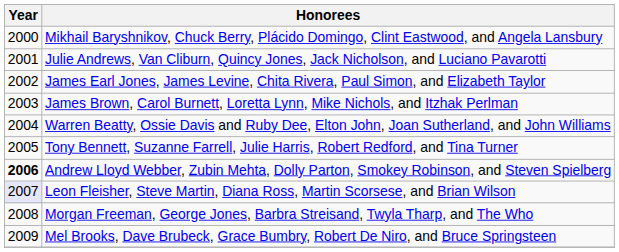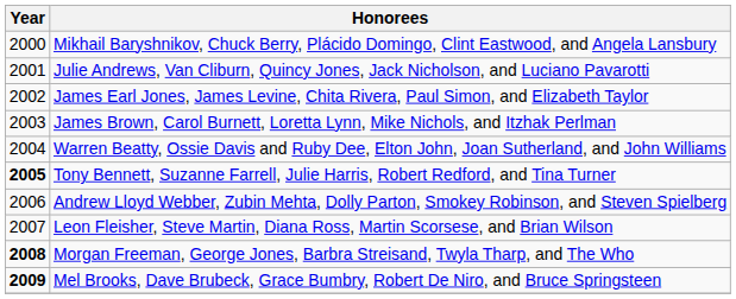 <table class="wikitable">
 <tr>
 <th>Year</th>
 <th>Honorees</th>
 </tr>
 <tr>
 <td>2000</td>
 <td><a href='#'>Mikhail Baryshnikov</a>, <a href='#'>Chuck Berry</a>, <a href='#'>Plácido Domingo</a>, <a href='#'>Clint Eastwood</a>, and <a href='#'>Angela Lansbury</a></td>
 </tr>
 <tr>
 <td>2001</td>
 <td><a href='#'>Julie Andrews</a>, <a href='#'>Van Cliburn</a>, <a href='#'>Quincy Jones</a>, <a href='#'>Jack Nicholson</a>, and <a href='#'>Luciano Pavarotti</a></td>
 </tr>
 <tr>
 <td>2002</td>
 <td><a href='#'>James Earl Jones</a>, <a href='#'>James Levine</a>, <a href='#'>Chita Rivera</a>, <a href='#'>Paul Simon</a>, and <a href='#'>Elizabeth Taylor</a></td>
 </tr>
 <tr>
 <td>2003</td>
 <td><a href='#'>James Brown</a>, <a href='#'>Carol Burnett</a>, <a href='#'>Loretta Lynn</a>, <a href='#'>Mike Nichols</a>, and <a href='#'>Itzhak Perlman</a></td>
 </tr>
 <tr>
 <td>2004</td>
 <td><a href='#'>Warren Beatty</a>, <a href='#'>Ossie Davis</a> and <a href='#'>Ruby Dee</a>, <a href='#'>Elton John</a>, <a href='#'>Joan Sutherland</a>, and <a href='#'>John Williams</a></td>
 </tr>
 <tr>
-<td>2005</td>
+<td><strong>2005</strong></td>
 <td><a href='#'>Tony Bennett</a>, <a href='#'>Suzanne Farrell</a>, <a href='#'>Julie Harris</a>, <a href='#'>Robert Redford</a>, and <a href='#'>Tina Turner</a></td>
 </tr>
 <tr>
-<td><strong>2006</strong></td>
+<td>2006</td>
 <td><a href='#'>Andrew Lloyd Webber</a>, <a href='#'>Zubin Mehta</a>, <a href='#'>Dolly Parton</a>, <a href='#'>Smokey Robinson</a>, and <a href='#'>Steven Spielberg</a></td>
 </tr>
 <tr>
-<td style="background: lavender;">2007</td>
+<td>2007</td>
 <td><a href='#'>Leon Fleisher</a>, <a href='#'>Steve Martin</a>, <a href='#'>Diana Ross</a>, <a href='#'>Martin Scorsese</a>, and <a href='#'>Brian Wilson</a></td>
 </tr>
 <tr>
-<td>2008</td>
+<td><strong>2008</strong></td>
 <td><a href='#'>Morgan Freeman</a>, <a href='#'>George Jones</a>, <a href='#'>Barbra Streisand</a>, <a href='#'>Twyla Tharp</a>, and <a href='#'>The Who</a></td>
 </tr>
 <tr>
-<td>2009</td>
+<td><strong>2009</strong></td>
 <td><a href='#'>Mel Brooks</a>, <a href='#'>Dave Brubeck</a>, <a href='#'>Grace Bumbry</a>, <a href='#'>Robert De Niro</a>, and <a href='#'>Bruce Springsteen</a></td>
 </tr>
 <tr>
 </tr>
 </table>
